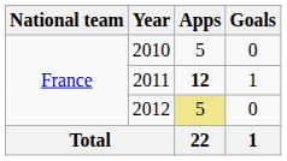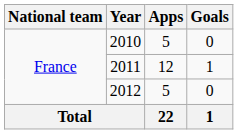 <table class="wikitable" style="text-align:center">
 <tr>
 <th>National team</th>
 <th>Year</th>
 <th>Apps</th>
 <th>Goals</th>
 </tr>
 <tr>
 <td rowspan="3"><a href='#'>France</a></td>
 <td>2010</td>
 <td>5</td>
 <td>0</td>
 </tr>
 <tr>
 <td>2011</td>
-<td><strong>12</strong></td>
+<td>12</td>
 <td>1</td>
 </tr>
 <tr>
 <td>2012</td>
-<td style="background: khaki;">5</td>
+<td>5</td>
 <td>0</td>
 </tr>
 <tr>
 <th colspan="2">Total</th>
 <th>22</th>
 <th>1</th>
 </tr>
 </table>
